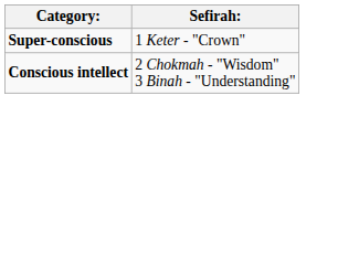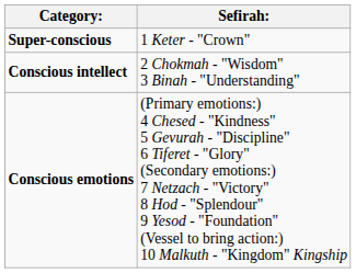 <table class="wikitable">
 <tr>
 <th>Category:</th>
 <th>Sefirah:</th>
 </tr>
 <tr>
 <td><strong>Super-conscious</strong></td>
 <td>1 <em>Keter</em> - "Crown"</td>
 </tr>
 <tr>
 <td><strong>Conscious intellect</strong></td>
 <td>2 <em>Chokmah</em> - "Wisdom"<br>3 <em>Binah</em> - "Understanding"</td>
 </tr>
+<tr>
+<td><strong>Conscious emotions</strong></td>
+<td>(Primary emotions:)<br>4 <em>Chesed</em> - "Kindness" <br>5 <em>Gevurah</em> - "Discipline" <br>6 <em>Tiferet</em> - "Glory" <br>(Secondary emotions:) <br>7 <em>Netzach</em> - "Victory" <br>8 <em>Hod</em> - "Splendour" <br>9 <em>Yesod</em> - "Foundation" <br>(Vessel to bring action:) <br>10 <em>Malkuth</em> - "Kingdom" <em>Kingship</em></td>
+</tr>
 </table>
